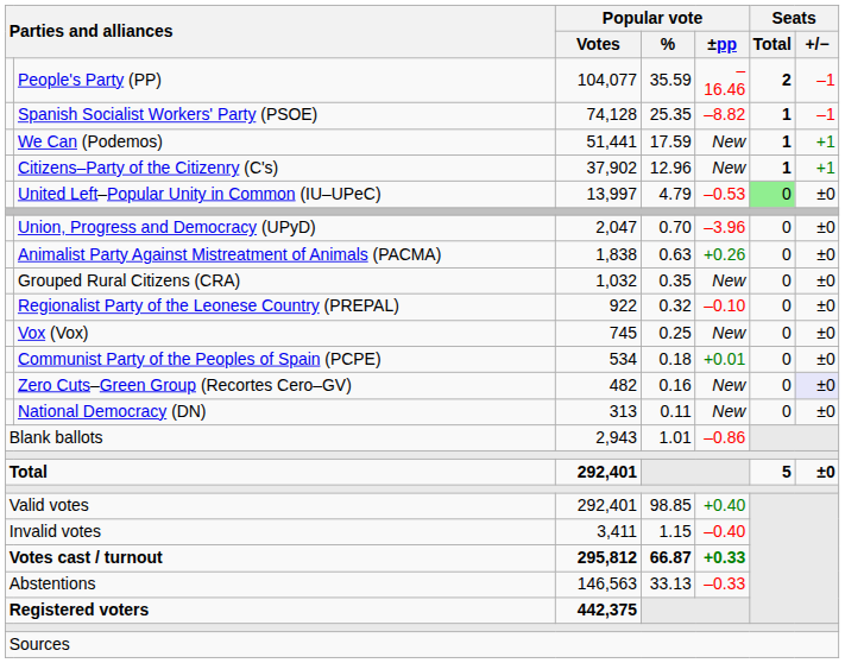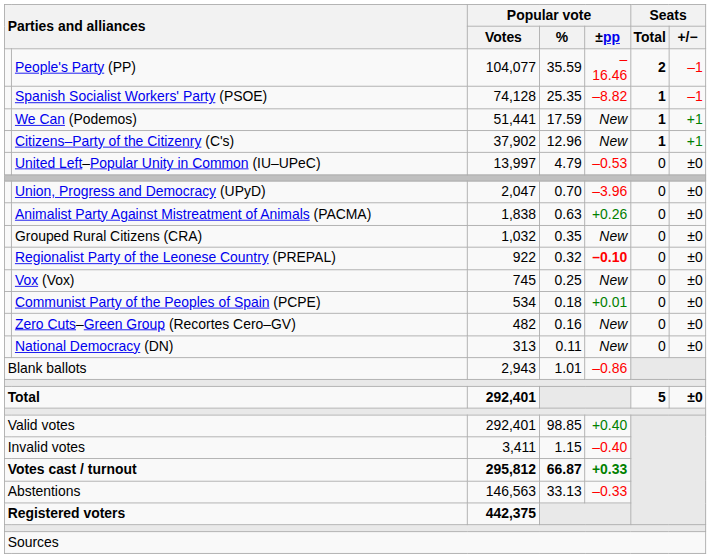 <table class="wikitable" style="text-align:right;">
 <tr>
 <th style="text-align:left;" rowspan="2" colspan="2" width="525">Parties and alliances</th>
 <th colspan="3">Popular vote</th>
 <th colspan="2">Seats</th>
 </tr>
 <tr>
 <th width="75">Votes</th>
 <th width="45">%</th>
 <th width="45">±<a href='#'>pp</a></th>
 <th width="35">Total</th>
 <th width="35">+/−</th>
 </tr>
 <tr>
 <td width="1" style="color:inherit;background:"></td>
 <td align="left"><a href='#'>People's Party</a> (PP)</td>
 <td>104,077</td>
 <td>35.59</td>
 <td style="color:red;">–16.46</td>
 <td><strong>2</strong></td>
 <td style="color:red;">–1</td>
 </tr>
 <tr>
 <td style="color:inherit;background:"></td>
 <td align="left"><a href='#'>Spanish Socialist Workers' Party</a> (PSOE)</td>
 <td>74,128</td>
 <td>25.35</td>
 <td style="color:red;">–8.82</td>
 <td><strong>1</strong></td>
 <td style="color:red;">–1</td>
 </tr>
 <tr>
 <td style="color:inherit;background:"></td>
 <td align="left"><a href='#'>We Can</a> (Podemos)</td>
 <td>51,441</td>
 <td>17.59</td>
 <td><em>New</em></td>
 <td><strong>1</strong></td>
 <td style="color:green;">+1</td>
 </tr>
 <tr>
 <td style="color:inherit;background:"></td>
 <td align="left"><a href='#'>Citizens–Party of the Citizenry</a> (C's)</td>
 <td>37,902</td>
 <td>12.96</td>
 <td><em>New</em></td>
 <td><strong>1</strong></td>
 <td style="color:green;">+1</td>
 </tr>
 <tr>
 <td style="color:inherit;background:"></td>
 <td align="left"><a href='#'>United Left</a>–<a href='#'>Popular Unity in Common</a> (IU–UPeC)</td>
 <td>13,997</td>
 <td>4.79</td>
 <td style="color:red;">–0.53</td>
-<td style="background: lightgreen;">0</td>
+<td>0</td>
 <td>±0</td>
 </tr>
 <tr>
 <td colspan="7" bgcolor="#C0C0C0"></td>
 </tr>
 <tr>
 <td style="color:inherit;background:"></td>
 <td align="left"><a href='#'>Union, Progress and Democracy</a> (UPyD)</td>
 <td>2,047</td>
 <td>0.70</td>
 <td style="color:red;">–3.96</td>
 <td>0</td>
 <td>±0</td>
 </tr>
 <tr>
 <td style="color:inherit;background:"></td>
 <td align="left"><a href='#'>Animalist Party Against Mistreatment of Animals</a> (PACMA)</td>
 <td>1,838</td>
 <td>0.63</td>
 <td style="color:green;">+0.26</td>
 <td>0</td>
 <td>±0</td>
 </tr>
 <tr>
 <td style="color:inherit;background:"></td>
 <td align="left">Grouped Rural Citizens (CRA)</td>
 <td>1,032</td>
 <td>0.35</td>
 <td><em>New</em></td>
 <td>0</td>
 <td>±0</td>
 </tr>
 <tr>
 <td style="color:inherit;background:"></td>
 <td align="left"><a href='#'>Regionalist Party of the Leonese Country</a> (PREPAL)</td>
 <td>922</td>
 <td>0.32</td>
-<td style="color:red;">–0.10</td>
+<td style="color:red;"><strong>–0.10</strong></td>
 <td>0</td>
 <td>±0</td>
 </tr>
 <tr>
 <td style="color:inherit;background:"></td>
 <td align="left"><a href='#'>Vox</a> (Vox)</td>
 <td>745</td>
 <td>0.25</td>
 <td><em>New</em></td>
 <td>0</td>
 <td>±0</td>
 </tr>
 <tr>
 <td style="color:inherit;background:"></td>
 <td align="left"><a href='#'>Communist Party of the Peoples of Spain</a> (PCPE)</td>
 <td>534</td>
 <td>0.18</td>
 <td style="color:green;">+0.01</td>
 <td>0</td>
 <td>±0</td>
 </tr>
 <tr>
 <td style="color:inherit;background:"></td>
 <td align="left"><a href='#'>Zero Cuts</a>–<a href='#'>Green Group</a> (Recortes Cero–GV)</td>
 <td>482</td>
 <td>0.16</td>
 <td><em>New</em></td>
 <td>0</td>
-<td style="background: lavender;">±0</td>
+<td>±0</td>
 </tr>
 <tr>
 <td style="color:inherit;background:"></td>
 <td align="left"><a href='#'>National Democracy</a> (DN)</td>
 <td>313</td>
 <td>0.11</td>
 <td><em>New</em></td>
 <td>0</td>
 <td>±0</td>
 </tr>
 <tr>
 <td align="left" colspan="2">Blank ballots</td>
 <td>2,943</td>
 <td>1.01</td>
 <td style="color:red;">–0.86</td>
 <td bgcolor="#E9E9E9" colspan="2"></td>
 </tr>
 <tr>
 <td colspan="7" bgcolor="#E9E9E9"></td>
 </tr>
 <tr style="font-weight:bold;">
 <td align="left" colspan="2">Total</td>
 <td>292,401</td>
 <td bgcolor="#E9E9E9" colspan="2"></td>
 <td>5</td>
 <td>±0</td>
 </tr>
 <tr>
 <td colspan="7" bgcolor="#E9E9E9"></td>
 </tr>
 <tr>
 <td align="left" colspan="2">Valid votes</td>
 <td>292,401</td>
 <td>98.85</td>
 <td style="color:green;">+0.40</td>
 <td bgcolor="#E9E9E9" colspan="2" rowspan="5"></td>
 </tr>
 <tr>
 <td align="left" colspan="2">Invalid votes</td>
 <td>3,411</td>
 <td>1.15</td>
 <td style="color:red;">–0.40</td>
 </tr>
 <tr style="font-weight:bold;">
 <td align="left" colspan="2">Votes cast / turnout</td>
 <td>295,812</td>
 <td>66.87</td>
 <td style="color:green;">+0.33</td>
 </tr>
 <tr>
 <td align="left" colspan="2">Abstentions</td>
 <td>146,563</td>
 <td>33.13</td>
 <td style="color:red;">–0.33</td>
 </tr>
 <tr style="font-weight:bold;">
 <td align="left" colspan="2">Registered voters</td>
 <td>442,375</td>
 <td bgcolor="#E9E9E9" colspan="2"></td>
 </tr>
 <tr>
 <td colspan="7" bgcolor="#E9E9E9"></td>
 </tr>
 <tr>
 <td align="left" colspan="7">Sources</td>
 </tr>
 </table>
